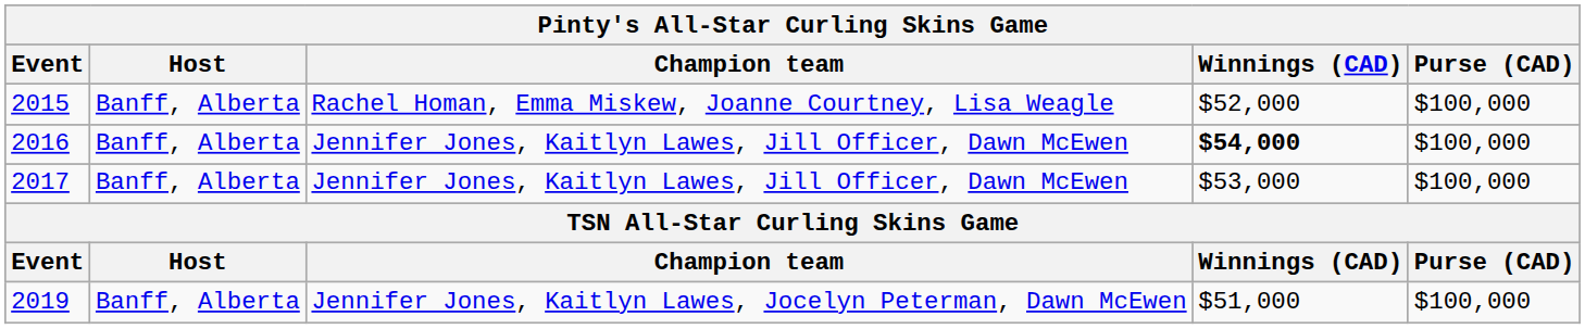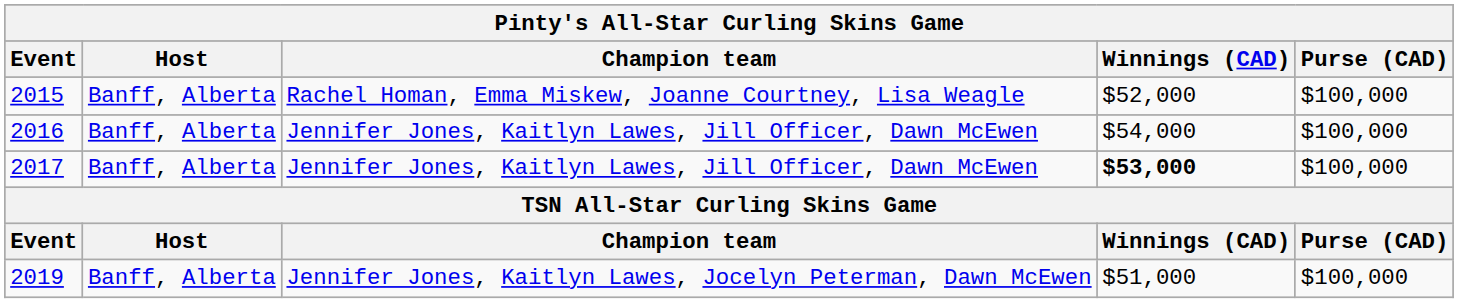 <table class="wikitable">
 <tr>
 <th colspan=5>Pinty's All-Star Curling Skins Game</th>
 </tr>
 <tr>
 <th>Event</th>
 <th>Host</th>
 <th>Champion team</th>
 <th>Winnings (<a href='#'>CAD</a>)</th>
 <th>Purse (CAD)</th>
 </tr>
 <tr>
 <td><a href='#'>2015</a></td>
 <td><a href='#'>Banff</a>, <a href='#'>Alberta</a></td>
 <td><a href='#'>Rachel Homan</a>, <a href='#'>Emma Miskew</a>, <a href='#'>Joanne Courtney</a>, <a href='#'>Lisa Weagle</a></td>
 <td>$52,000</td>
 <td>$100,000</td>
 </tr>
 <tr>
 <td><a href='#'>2016</a></td>
 <td><a href='#'>Banff</a>, <a href='#'>Alberta</a></td>
 <td><a href='#'>Jennifer Jones</a>, <a href='#'>Kaitlyn Lawes</a>, <a href='#'>Jill Officer</a>, <a href='#'>Dawn McEwen</a></td>
-<td><strong>$54,000</strong></td>
+<td>$54,000</td>
 <td>$100,000</td>
 </tr>
 <tr>
 <td><a href='#'>2017</a></td>
 <td><a href='#'>Banff</a>, <a href='#'>Alberta</a></td>
 <td><a href='#'>Jennifer Jones</a>, <a href='#'>Kaitlyn Lawes</a>, <a href='#'>Jill Officer</a>, <a href='#'>Dawn McEwen</a></td>
-<td>$53,000</td>
+<td><strong>$53,000</strong></td>
 <td>$100,000</td>
 </tr>
 <tr>
 <th colspan=5>TSN All-Star Curling Skins Game</th>
 </tr>
 <tr>
 <th>Event</th>
 <th>Host</th>
 <th>Champion team</th>
 <th>Winnings (CAD)</th>
 <th>Purse (CAD)</th>
 </tr>
 <tr>
 <td><a href='#'>2019</a></td>
 <td><a href='#'>Banff</a>, <a href='#'>Alberta</a></td>
 <td><a href='#'>Jennifer Jones</a>, <a href='#'>Kaitlyn Lawes</a>, <a href='#'>Jocelyn Peterman</a>, <a href='#'>Dawn McEwen</a></td>
 <td>$51,000</td>
 <td>$100,000</td>
 </tr>
 </table>
